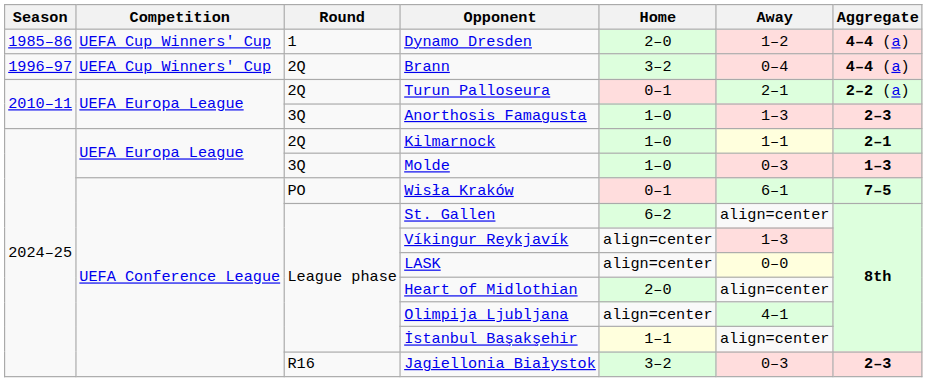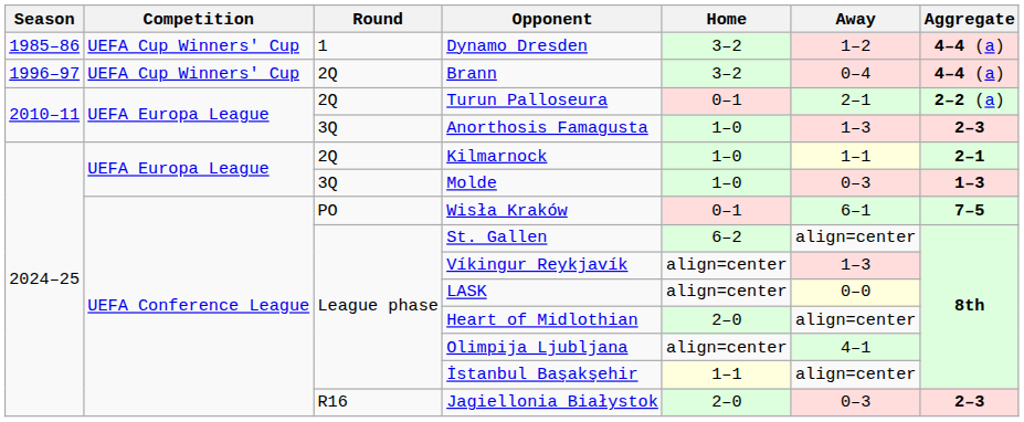 <table class="wikitable">
 <tr>
 <th>Season</th>
 <th>Competition</th>
 <th>Round</th>
 <th>Opponent</th>
 <th>Home</th>
 <th>Away</th>
 <th>Aggregate</th>
 </tr>
 <tr>
 <td><a href='#'>1985–86</a></td>
 <td><a href='#'>UEFA Cup Winners' Cup</a></td>
 <td>1</td>
 <td> <a href='#'>Dynamo Dresden</a></td>
-<td bgcolor="#ddffdd" style="text-align:center;">2–0</td>
+<td bgcolor="#ddffdd" style="text-align:center;">3–2</td>
 <td bgcolor="#ffdddd" style="text-align:center;">1–2</td>
 <td bgcolor="#ffdddd" style="text-align:center;"><strong>4–4</strong> (<a href='#'>a</a>)</td>
 </tr>
 <tr>
 <td><a href='#'>1996–97</a></td>
 <td><a href='#'>UEFA Cup Winners' Cup</a></td>
 <td>2Q</td>
 <td> <a href='#'>Brann</a></td>
 <td bgcolor="#ddffdd" style="text-align:center;">3–2</td>
 <td bgcolor="#ffdddd" style="text-align:center;">0–4</td>
 <td bgcolor="#ffdddd" style="text-align:center;"><strong>4–4</strong> (<a href='#'>a</a>)</td>
 </tr>
 <tr>
 <td rowspan="2"><a href='#'>2010–11</a></td>
 <td rowspan="2"><a href='#'>UEFA Europa League</a></td>
 <td>2Q</td>
 <td> <a href='#'>Turun Palloseura</a></td>
 <td bgcolor="#ffdddd" style="text-align:center;">0–1</td>
 <td bgcolor="#ddffdd" style="text-align:center;">2–1</td>
 <td bgcolor="#ddffdd" style="text-align:center;"><strong>2–2</strong> (<a href='#'>a</a>)</td>
 </tr>
 <tr>
 <td>3Q</td>
 <td> <a href='#'>Anorthosis Famagusta</a></td>
 <td bgcolor="#ddffdd" style="text-align:center;">1–0</td>
 <td bgcolor="#ffdddd" style="text-align:center;">1–3</td>
 <td bgcolor="#ffdddd" style="text-align:center;"><strong>2–3</strong></td>
 </tr>
 <tr>
 <td rowspan="10">2024–25</td>
 <td rowspan="2"><a href='#'>UEFA Europa League</a></td>
 <td>2Q</td>
 <td> <a href='#'>Kilmarnock</a></td>
 <td bgcolor="#ddffdd" style="text-align:center;">1–0</td>
 <td bgcolor="#ffd" style="text-align:center;">1–1</td>
 <td bgcolor="#ddffdd" style="text-align:center;"><strong>2–1</strong></td>
 </tr>
 <tr>
 <td>3Q</td>
 <td> <a href='#'>Molde</a></td>
 <td bgcolor="#ddffdd" style="text-align:center;">1–0</td>
 <td bgcolor="#ffdddd" style="text-align:center;">0–3</td>
 <td bgcolor="#ffdddd" style="text-align:center;"><strong>1–3</strong></td>
 </tr>
 <tr>
 <td rowspan="8"><a href='#'>UEFA Conference League</a></td>
 <td>PO</td>
 <td> <a href='#'>Wisła Kraków</a></td>
 <td bgcolor="#ffdddd" style="text-align:center;">0–1</td>
 <td bgcolor="#ddffdd" style="text-align:center;">6–1</td>
 <td bgcolor="#ddffdd" style="text-align:center;"><strong>7–5</strong></td>
 </tr>
 <tr>
 <td rowspan="6">League phase</td>
 <td> <a href='#'>St. Gallen</a></td>
 <td bgcolor="#ddffdd" style="text-align:center;">6–2</td>
 <td>align=center </td>
 <td rowspan="6" bgcolor="#ddffdd" style="text-align:center;"><strong>8th</strong></td>
 </tr>
 <tr>
 <td> <a href='#'>Víkingur Reykjavík</a></td>
 <td>align=center </td>
 <td bgcolor="#ffdddd" style="text-align:center;">1–3</td>
 </tr>
 <tr>
 <td> <a href='#'>LASK</a></td>
 <td>align=center </td>
 <td bgcolor="#ffd" style="text-align:center;">0–0</td>
 </tr>
 <tr>
 <td> <a href='#'>Heart of Midlothian</a></td>
 <td bgcolor="#ddffdd" style="text-align:center;">2–0</td>
 <td>align=center </td>
 </tr>
 <tr>
 <td> <a href='#'>Olimpija Ljubljana</a></td>
 <td>align=center </td>
 <td bgcolor="#ddffdd" style="text-align:center;">4–1</td>
 </tr>
 <tr>
 <td> <a href='#'>İstanbul Başakşehir</a></td>
 <td bgcolor="#ffd" style="text-align:center;">1–1</td>
 <td>align=center </td>
 </tr>
 <tr>
 <td>R16</td>
 <td> <a href='#'>Jagiellonia Białystok</a></td>
-<td bgcolor="#ddffdd" style="text-align:center;">3–2</td>
+<td bgcolor="#ddffdd" style="text-align:center;">2–0</td>
 <td bgcolor="#ffdddd" style="text-align:center;">0–3</td>
 <td bgcolor="#ffdddd" style="text-align:center;"><strong>2–3</strong></td>
 </tr>
 </table>
